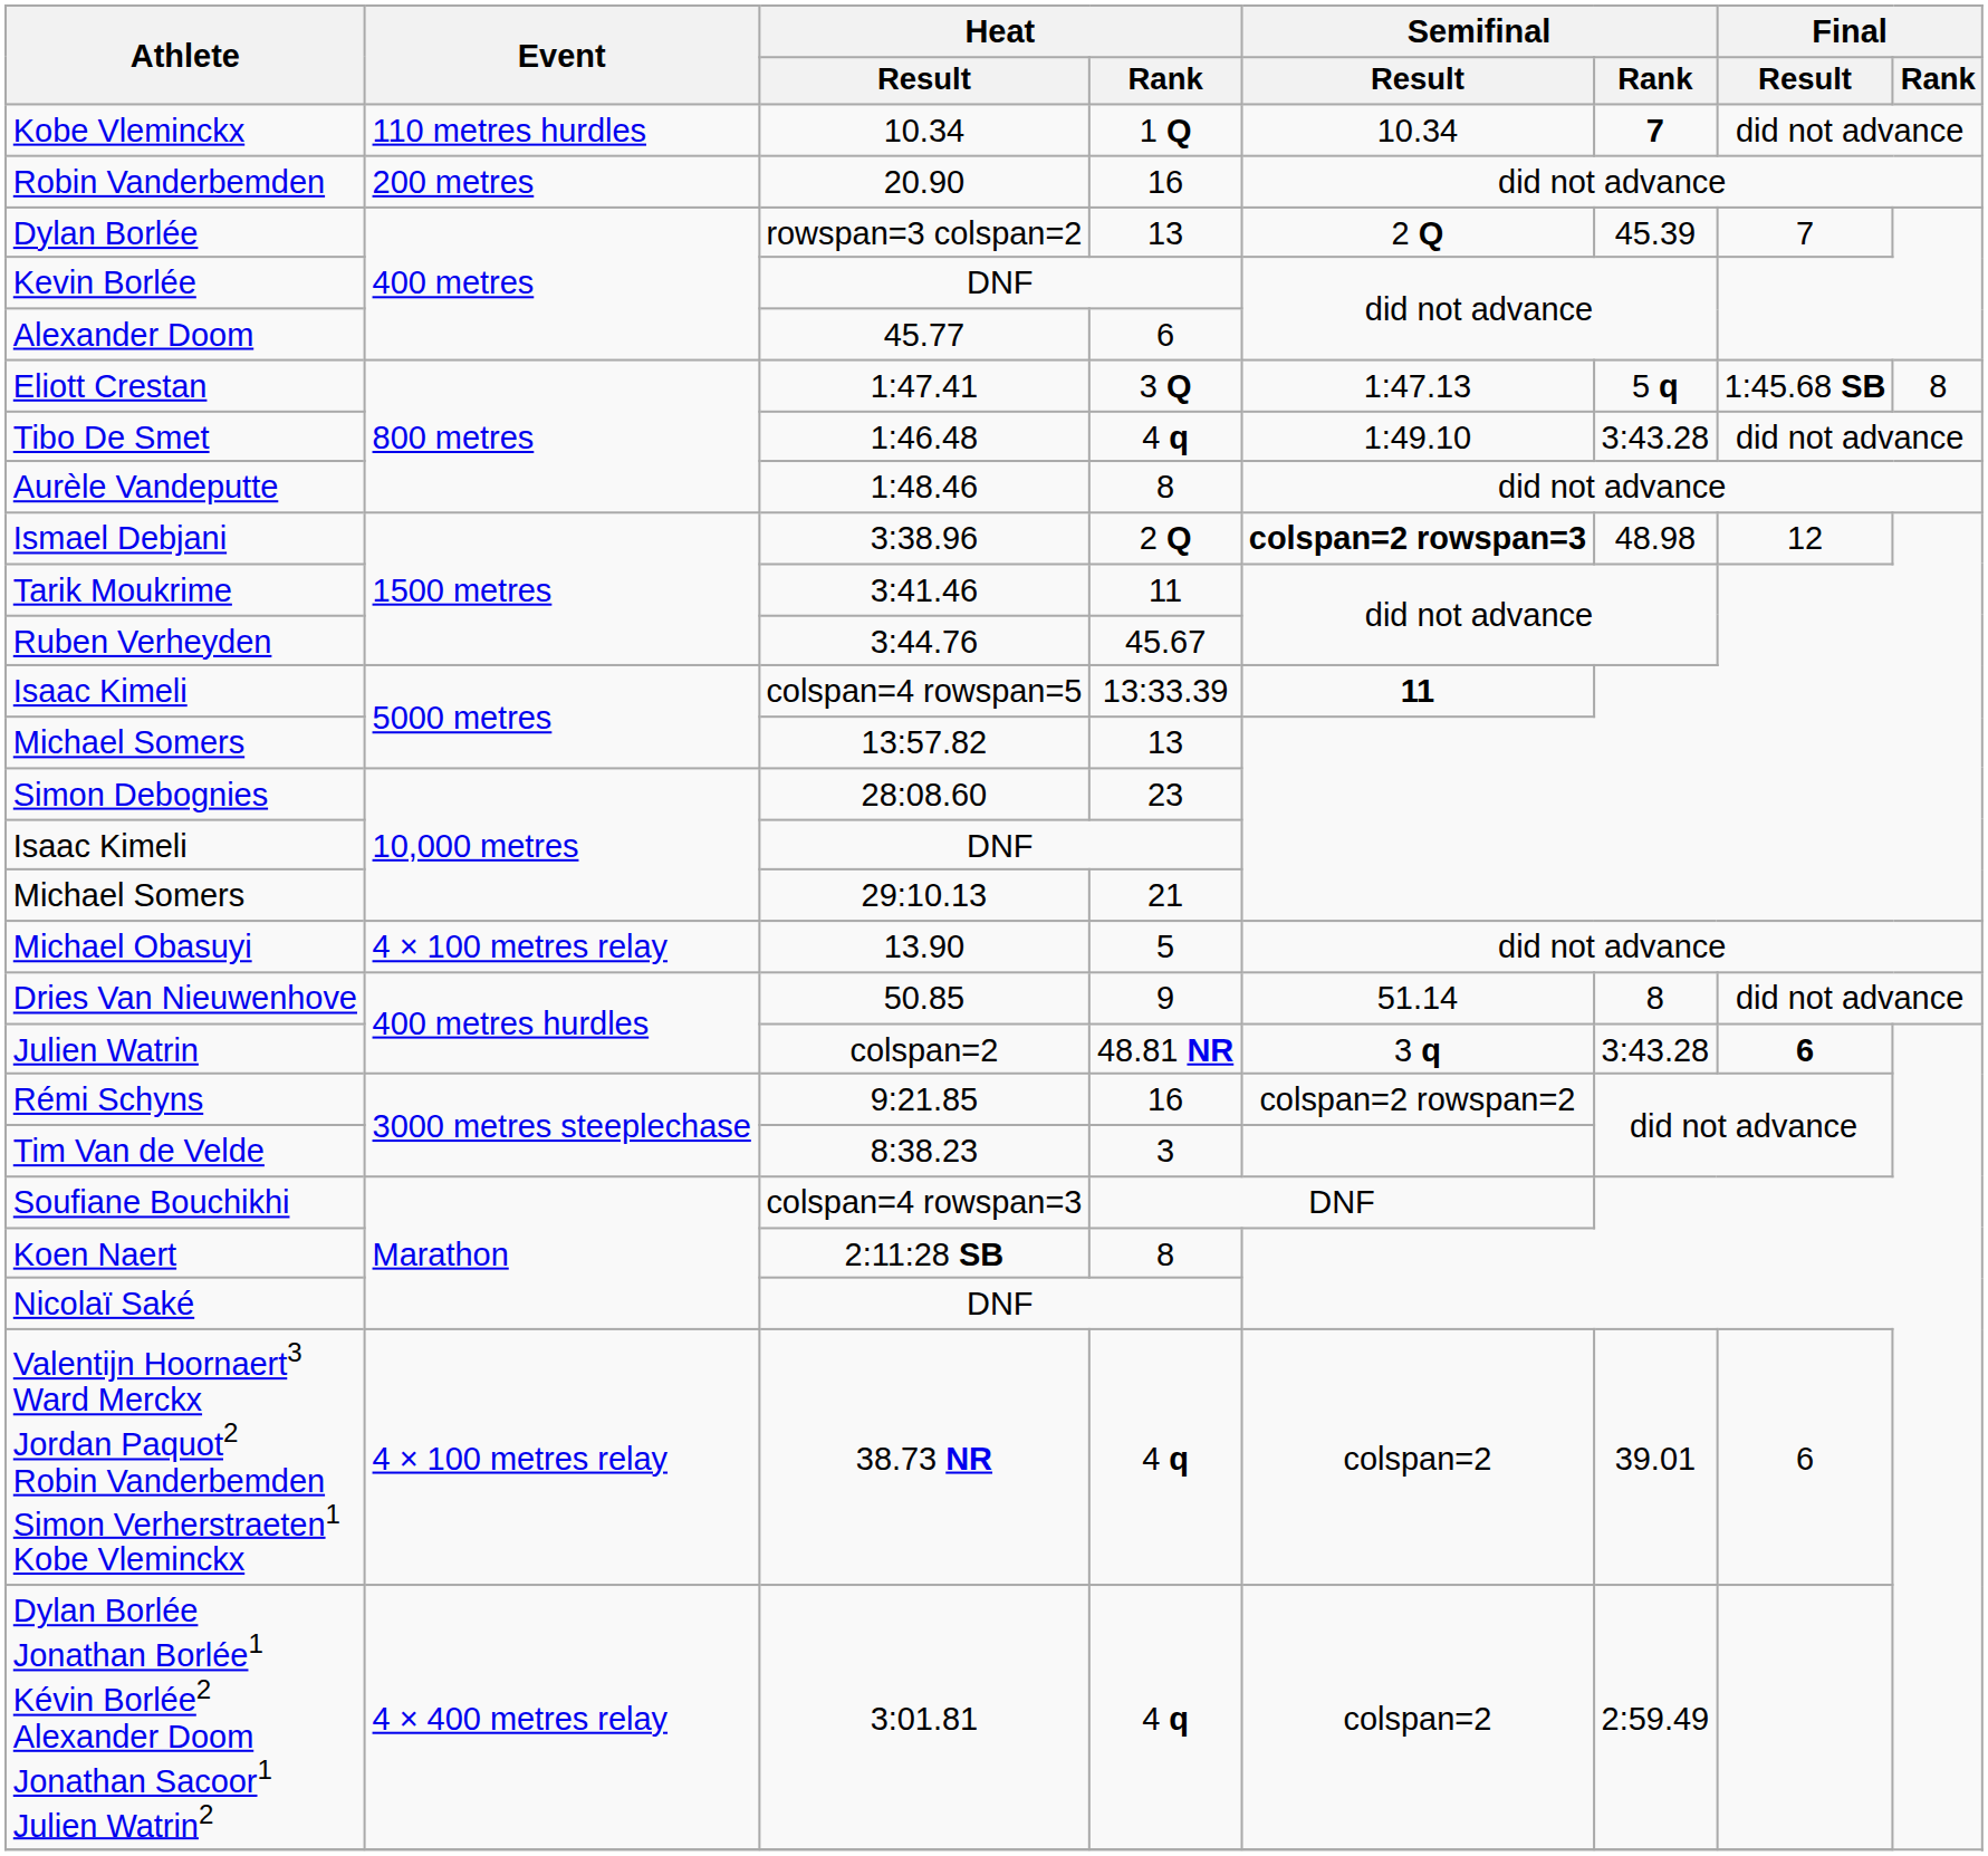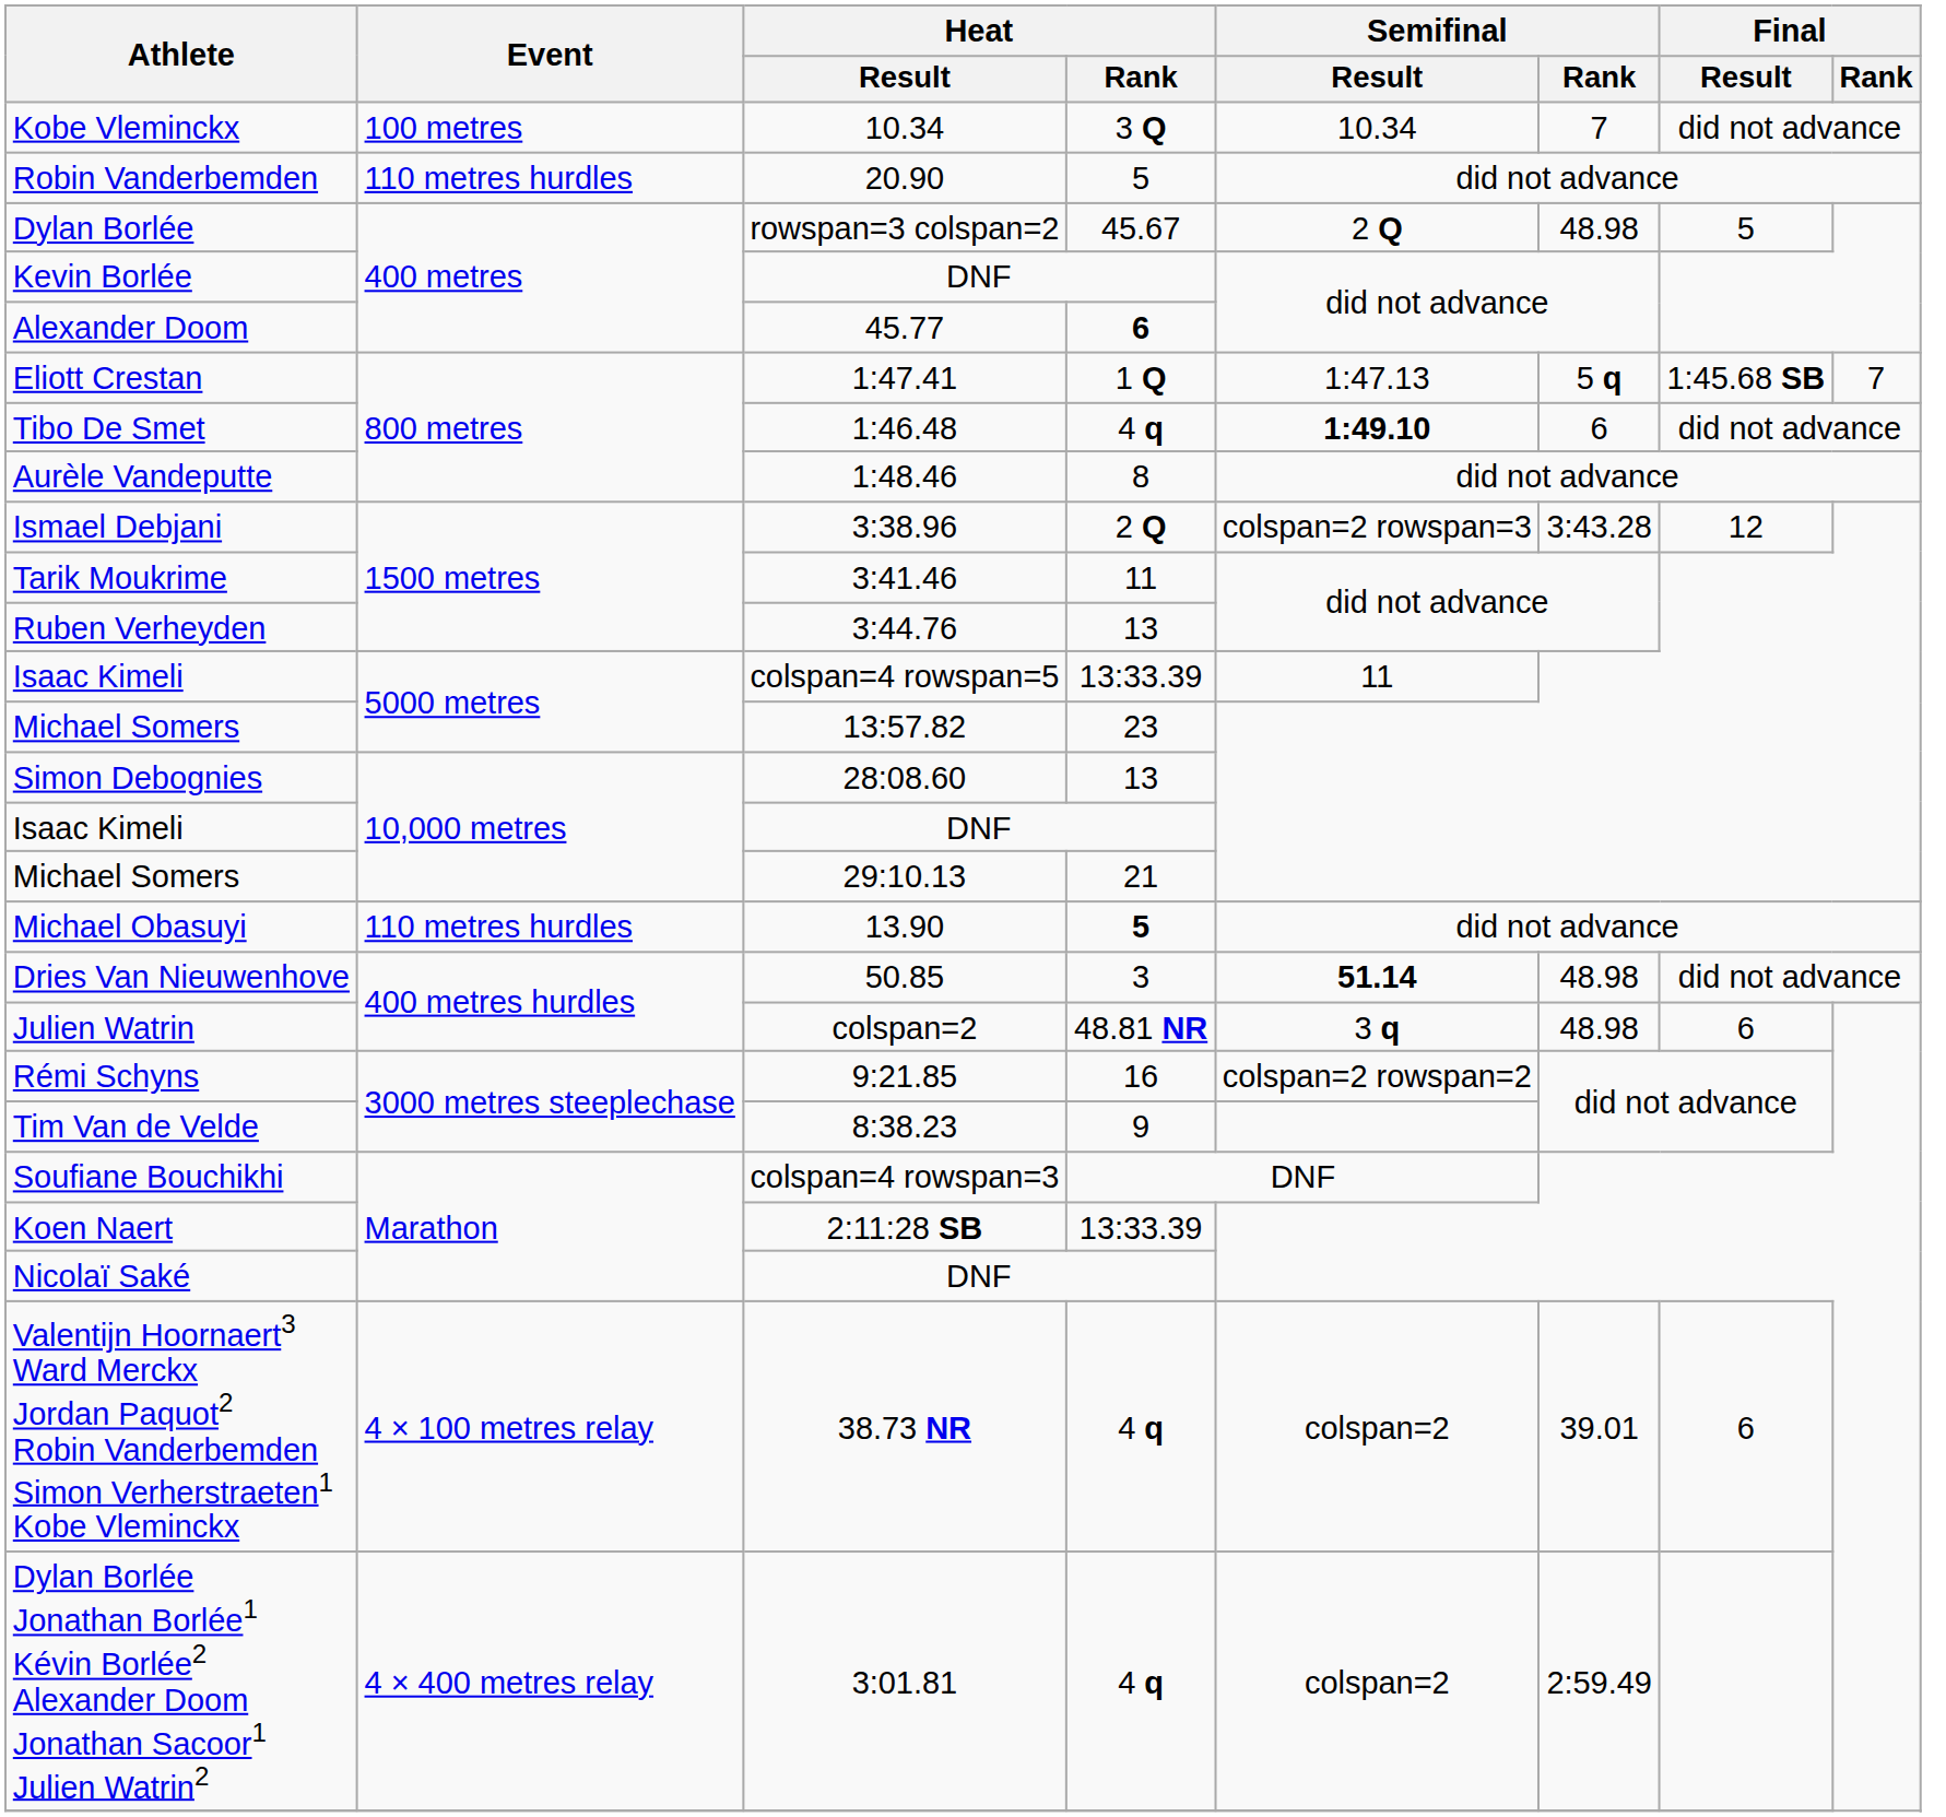 <table class=wikitable style=font-size:90%>
 <tr>
 <th rowspan=2>Athlete</th>
 <th rowspan=2>Event</th>
 <th colspan=2>Heat</th>
 <th colspan=2>Semifinal</th>
 <th colspan=2>Final</th>
 </tr>
 <tr style=font-size:95%>
 <th>Result</th>
 <th>Rank</th>
 <th>Result</th>
 <th>Rank</th>
 <th>Result</th>
 <th>Rank</th>
 </tr>
 <tr align=center>
 <td align=left><a href='#'>Kobe Vleminckx</a></td>
-<td align=left><a href='#'>110 metres hurdles</a></td>
+<td align=left><a href='#'>100 metres</a></td>
 <td>10.34</td>
-<td>1 <strong>Q</strong></td>
+<td>3 <strong>Q</strong></td>
 <td>10.34</td>
-<td><strong>7</strong></td>
+<td>7</td>
 <td colspan=2>did not advance</td>
 </tr>
 <tr align=center>
 <td align=left><a href='#'>Robin Vanderbemden</a></td>
-<td align=left><a href='#'>200 metres</a></td>
+<td align=left><a href='#'>110 metres hurdles</a></td>
 <td>20.90</td>
-<td>16</td>
+<td>5</td>
 <td colspan=4>did not advance</td>
 </tr>
 <tr align=center>
 <td align=left><a href='#'>Dylan Borlée</a></td>
 <td align=left rowspan=3><a href='#'>400 metres</a></td>
 <td>rowspan=3 colspan=2</td>
-<td>13</td>
+<td>45.67</td>
 <td>2 <strong>Q</strong></td>
-<td>45.39</td>
-<td>7</td>
+<td>48.98</td>
+<td>5</td>
 </tr>
 <tr align=center>
 <td align=left><a href='#'>Kevin Borlée</a></td>
 <td colspan=2>DNF</td>
 <td rowspan=2 colspan=2>did not advance</td>
 </tr>
 <tr align=center>
 <td align=left><a href='#'>Alexander Doom</a></td>
 <td>45.77</td>
-<td>6</td>
+<td><strong>6</strong></td>
 </tr>
 <tr align=center>
 <td align=left><a href='#'>Eliott Crestan</a></td>
 <td align=left rowspan=3><a href='#'>800 metres</a></td>
 <td>1:47.41</td>
-<td>3 <strong>Q</strong></td>
+<td>1 <strong>Q</strong></td>
 <td>1:47.13</td>
 <td>5 <strong>q</strong></td>
 <td>1:45.68 <strong>SB</strong></td>
-<td>8</td>
+<td>7</td>
 </tr>
 <tr align=center>
 <td align=left><a href='#'>Tibo De Smet</a></td>
 <td>1:46.48</td>
 <td>4 <strong>q</strong></td>
-<td>1:49.10</td>
-<td>3:43.28</td>
+<td><strong>1:49.10</strong></td>
+<td>6</td>
 <td colspan=2>did not advance</td>
 </tr>
 <tr align=center>
 <td align=left><a href='#'>Aurèle Vandeputte</a></td>
 <td>1:48.46</td>
 <td>8</td>
 <td colspan=4>did not advance</td>
 </tr>
 <tr align=center>
 <td align=left><a href='#'>Ismael Debjani</a></td>
 <td align=left rowspan=3><a href='#'>1500 metres</a></td>
 <td>3:38.96</td>
 <td>2 <strong>Q</strong></td>
-<td><strong>colspan=2 rowspan=3</strong></td>
-<td>48.98</td>
+<td>colspan=2 rowspan=3</td>
+<td>3:43.28</td>
 <td>12</td>
 </tr>
 <tr align=center>
 <td align=left><a href='#'>Tarik Moukrime</a></td>
 <td>3:41.46</td>
 <td>11</td>
 <td colspan=2 rowspan=2>did not advance</td>
 </tr>
 <tr align=center>
 <td align=left><a href='#'>Ruben Verheyden</a></td>
 <td>3:44.76</td>
-<td>45.67</td>
+<td>13</td>
 </tr>
 <tr align=center>
 <td align=left><a href='#'>Isaac Kimeli</a></td>
 <td align=left rowspan=2><a href='#'>5000 metres</a></td>
 <td>colspan=4 rowspan=5</td>
 <td>13:33.39</td>
-<td><strong>11</strong></td>
+<td>11</td>
 </tr>
 <tr align=center>
 <td align=left><a href='#'>Michael Somers</a></td>
 <td>13:57.82</td>
-<td>13</td>
+<td>23</td>
 </tr>
 <tr align=center>
 <td align=left><a href='#'>Simon Debognies</a></td>
 <td align=left rowspan=3><a href='#'>10,000 metres</a></td>
 <td>28:08.60</td>
-<td>23</td>
+<td>13</td>
 </tr>
 <tr align=center>
 <td align=left>Isaac Kimeli</td>
 <td colspan=2>DNF</td>
 </tr>
 <tr align=center>
 <td align=left>Michael Somers</td>
 <td>29:10.13</td>
 <td>21</td>
 </tr>
 <tr align=center>
 <td align=left><a href='#'>Michael Obasuyi</a></td>
-<td align=left><a href='#'>4 × 100 metres relay</a></td>
+<td align=left><a href='#'>110 metres hurdles</a></td>
 <td>13.90</td>
-<td>5</td>
+<td><strong>5</strong></td>
 <td colspan=4>did not advance</td>
 </tr>
 <tr align=center>
 <td align=left><a href='#'>Dries Van Nieuwenhove</a></td>
 <td align=left rowspan=2><a href='#'>400 metres hurdles</a></td>
 <td>50.85</td>
-<td>9</td>
-<td>51.14</td>
-<td>8</td>
+<td>3</td>
+<td><strong>51.14</strong></td>
+<td>48.98</td>
 <td colspan=2>did not advance</td>
 </tr>
 <tr align=center>
 <td align=left><a href='#'>Julien Watrin</a></td>
 <td>colspan=2</td>
 <td>48.81 <strong><a href='#'>NR</a></strong></td>
 <td>3 <strong>q</strong></td>
-<td>3:43.28</td>
-<td><strong>6</strong></td>
+<td>48.98</td>
+<td>6</td>
 </tr>
 <tr align=center>
 <td align=left><a href='#'>Rémi Schyns</a></td>
 <td align=left rowspan=2><a href='#'>3000 metres steeplechase</a></td>
 <td>9:21.85</td>
 <td>16</td>
 <td>colspan=2 rowspan=2</td>
 <td colspan=2 rowspan=2>did not advance</td>
 </tr>
 <tr align=center>
 <td align=left><a href='#'>Tim Van de Velde</a></td>
 <td>8:38.23</td>
-<td>3</td>
+<td>9</td>
 </tr>
 <tr align=center>
 <td align=left><a href='#'>Soufiane Bouchikhi</a></td>
 <td align=left rowspan=3><a href='#'>Marathon</a></td>
 <td>colspan=4 rowspan=3</td>
 <td colspan=2>DNF</td>
 </tr>
 <tr align=center>
 <td align=left><a href='#'>Koen Naert</a></td>
 <td>2:11:28 <strong>SB</strong></td>
-<td>8</td>
+<td>13:33.39</td>
 </tr>
 <tr align=center>
 <td align=left><a href='#'>Nicolaï Saké</a></td>
 <td colspan=2>DNF</td>
 </tr>
 <tr align=center>
 <td align=left><a href='#'>Valentijn Hoornaert</a><sup>3</sup><br><a href='#'>Ward Merckx</a><br><a href='#'>Jordan Paquot</a><sup>2</sup><br><a href='#'>Robin Vanderbemden</a><br><a href='#'>Simon Verherstraeten</a><sup>1</sup><br><a href='#'>Kobe Vleminckx</a></td>
 <td align=left><a href='#'>4 × 100 metres relay</a></td>
 <td>38.73 <strong><a href='#'>NR</a></strong></td>
 <td>4 <strong>q</strong></td>
 <td>colspan=2</td>
 <td>39.01</td>
 <td>6</td>
 </tr>
 <tr align=center>
 <td align=left><a href='#'>Dylan Borlée</a><br><a href='#'>Jonathan Borlée</a><sup>1</sup><br><a href='#'>Kévin Borlée</a><sup>2</sup><br><a href='#'>Alexander Doom</a><br><a href='#'>Jonathan Sacoor</a><sup>1</sup><br><a href='#'>Julien Watrin</a><sup>2</sup></td>
 <td align=left><a href='#'>4 × 400 metres relay</a></td>
 <td>3:01.81</td>
 <td>4 <strong>q</strong></td>
 <td>colspan=2</td>
 <td>2:59.49</td>
 <td></td>
 </tr>
 <tr align=center>
 </tr>
 </table>
